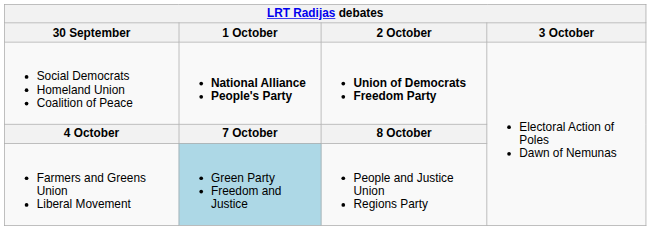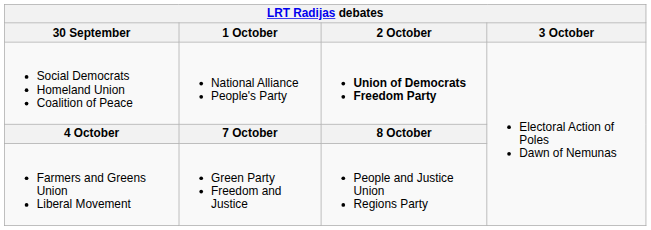 <table class="wikitable">
 <tr>
 <th colspan=4 align=center><a href='#'>LRT Radijas</a> debates</th>
 </tr>
 <tr>
 <th>30 September</th>
 <th>1 October</th>
 <th>2 October</th>
 <th>3 October</th>
 </tr>
 <tr>
 <td><br><ul><li>Social Democrats</li><li>Homeland Union</li><li>Coalition of Peace</li></ul></td>
-<td><strong><br><ul><li>National Alliance</li><li>People's Party</li></ul></strong></td>
+<td><br><ul><li>National Alliance</li><li>People's Party</li></ul></td>
 <td><strong><br><ul><li>Union of Democrats</li><li>Freedom Party</li></ul></strong></td>
 <td rowspan=3><br><ul><li>Electoral Action of Poles</li><li>Dawn of Nemunas</li></ul></td>
 </tr>
 <tr>
 <th>4 October</th>
 <th>7 October</th>
 <th>8 October</th>
 </tr>
 <tr>
 <td><br><ul><li>Farmers and Greens Union</li><li>Liberal Movement</li></ul></td>
-<td style="background: lightblue;"><br><ul><li>Green Party</li><li>Freedom and Justice</li></ul></td>
+<td><br><ul><li>Green Party</li><li>Freedom and Justice</li></ul></td>
 <td><br><ul><li>People and Justice Union</li><li>Regions Party</li></ul></td>
 </tr>
 </table>
